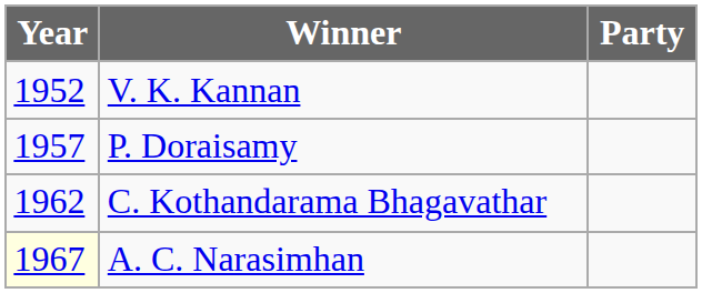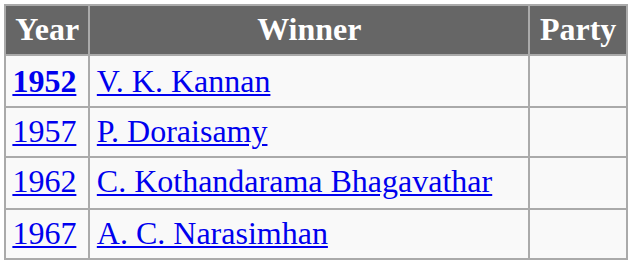 <table class="wikitable" width="50%">
 <tr>
 <th style="background-color:#666666; color:white">Year</th>
 <th style="background-color:#666666; color:white">Winner</th>
 <th style="background-color:#666666; color:white" colspan="2">Party</th>
 </tr>
 <tr>
-<td><a href='#'>1952</a></td>
+<td><strong><a href='#'>1952</a></strong></td>
 <td><a href='#'>V. K. Kannan</a></td>
 <td></td>
 </tr>
 <tr>
 <td><a href='#'>1957</a></td>
 <td><a href='#'>P. Doraisamy</a></td>
 <td></td>
 </tr>
 <tr>
 <td><a href='#'>1962</a></td>
 <td><a href='#'>C. Kothandarama Bhagavathar</a></td>
 <td></td>
 </tr>
 <tr>
-<td style="background: lightyellow;"><a href='#'>1967</a></td>
+<td><a href='#'>1967</a></td>
 <td><a href='#'>A. C. Narasimhan</a></td>
 <td></td>
 </tr>
 <tr>
 </tr>
 </table>
